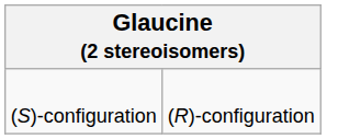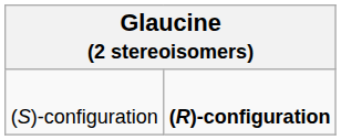 <table class="wikitable" style="text-align:center">
 <tr class="hintergrundfarbe6">
 <th colspan="2">Glaucine<br><small>(2 stereoisomers)</small></th>
 </tr>
 <tr>
 <td><br><small>(<em>S</em>)-configuration</small></td>
-<td><br><small>(<em>R</em>)-configuration</small></td>
+<td><strong><br><small>(<em>R</em>)-configuration</small></strong></td>
 </tr>
 </table>
